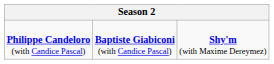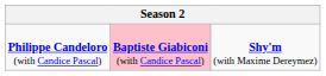 <table class="wikitable" style="float:left; margin:0.5em;">
 <tr>
 <th colspan="3"><strong>Season 2</strong></th>
 </tr>
 <tr>
 <td align="center"><br><strong><a href='#'>Philippe Candeloro</a></strong><br><small>(with <a href='#'>Candice Pascal</a>)</small></td>
-<td align="center"><br><strong><a href='#'>Baptiste Giabiconi</a></strong><br><small>(with <a href='#'>Candice Pascal</a>)</small></td>
+<td align="center" style="background: pink;"><br><strong><a href='#'>Baptiste Giabiconi</a></strong><br><small>(with <a href='#'>Candice Pascal</a>)</small></td>
 <td align="center"><br><strong><a href='#'>Shy'm</a></strong><br><small>(with Maxime Dereymez)</small></td>
 </tr>
 </table>
